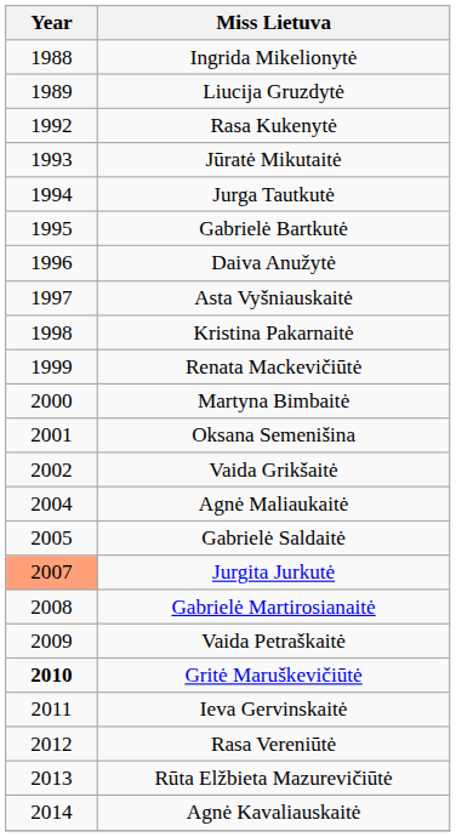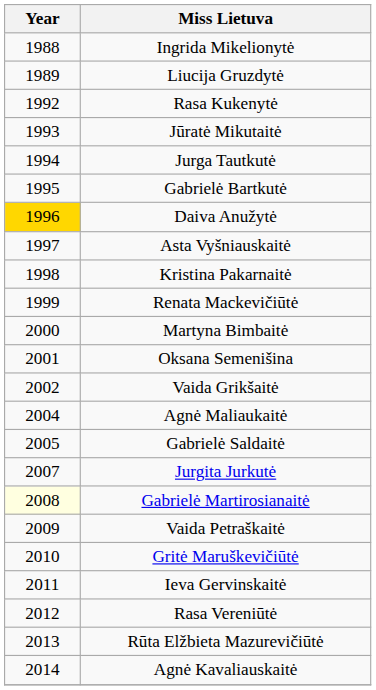 <table class="wikitable sortable" style="font-size: 95%; text-align:center">
 <tr>
 <th width="60">Year</th>
 <th width="250">Miss Lietuva</th>
 </tr>
 <tr>
 <td>1988</td>
 <td>Ingrida Mikelionytė</td>
 </tr>
 <tr>
 <td>1989</td>
 <td>Liucija Gruzdytė</td>
 </tr>
 <tr>
 <td>1992</td>
 <td>Rasa Kukenytė</td>
 </tr>
 <tr>
 <td>1993</td>
 <td>Jūratė Mikutaitė</td>
 </tr>
 <tr>
 <td>1994</td>
 <td>Jurga Tautkutė</td>
 </tr>
 <tr>
 <td>1995</td>
 <td>Gabrielė Bartkutė</td>
 </tr>
 <tr>
-<td>1996</td>
+<td style="background: gold;">1996</td>
 <td>Daiva Anužytė</td>
 </tr>
 <tr>
 <td>1997</td>
 <td>Asta Vyšniauskaitė</td>
 </tr>
 <tr>
 <td>1998</td>
 <td>Kristina Pakarnaitė</td>
 </tr>
 <tr>
 <td>1999</td>
 <td>Renata Mackevičiūtė</td>
 </tr>
 <tr>
 <td>2000</td>
 <td>Martyna Bimbaitė</td>
 </tr>
 <tr>
 <td>2001</td>
 <td>Oksana Semenišina</td>
 </tr>
 <tr>
 <td>2002</td>
 <td>Vaida Grikšaitė</td>
 </tr>
 <tr>
 <td>2004</td>
 <td>Agnė Maliaukaitė</td>
 </tr>
 <tr>
 <td>2005</td>
 <td>Gabrielė Saldaitė</td>
 </tr>
 <tr>
-<td style="background: lightsalmon;">2007</td>
+<td>2007</td>
 <td><a href='#'>Jurgita Jurkutė</a></td>
 </tr>
 <tr>
-<td>2008</td>
+<td style="background: lightyellow;">2008</td>
 <td><a href='#'>Gabrielė Martirosianaitė</a></td>
 </tr>
 <tr>
 <td>2009</td>
 <td>Vaida Petraškaitė</td>
 </tr>
 <tr>
-<td><strong>2010</strong></td>
+<td>2010</td>
 <td><a href='#'>Gritė Maruškevičiūtė</a></td>
 </tr>
 <tr>
 <td>2011</td>
 <td>Ieva Gervinskaitė</td>
 </tr>
 <tr>
 <td>2012</td>
 <td>Rasa Vereniūtė</td>
 </tr>
 <tr>
 <td>2013</td>
 <td>Rūta Elžbieta Mazurevičiūtė</td>
 </tr>
 <tr>
 <td>2014</td>
 <td>Agnė Kavaliauskaitė</td>
 </tr>
 <tr>
 </tr>
 </table>
